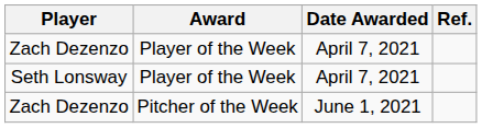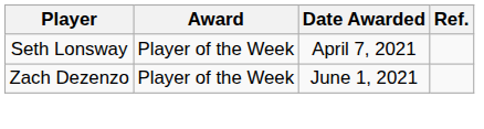 <table class="wikitable sortable sortable" style="text-align: center">
 <tr align=center>
 <th>Player</th>
 <th>Award</th>
 <th>Date Awarded</th>
 <th>Ref.</th>
-</tr>
-<tr>
-<td>Zach Dezenzo</td>
-<td rowspan="1">Player of the Week</td>
-<td rowspan="1">April 7, 2021</td>
-<td rowspan="1"></td>
 </tr>
 <tr>
 <td>Seth Lonsway</td>
 <td rowspan="1">Player of the Week</td>
 <td rowspan="1">April 7, 2021</td>
 <td rowspan="1"></td>
 </tr>
 <tr>
 <td>Zach Dezenzo</td>
-<td rowspan="1">Pitcher of the Week</td>
+<td rowspan="1">Player of the Week</td>
 <td rowspan="1">June 1, 2021</td>
 <td rowspan="1"></td>
 </tr>
 </table>
